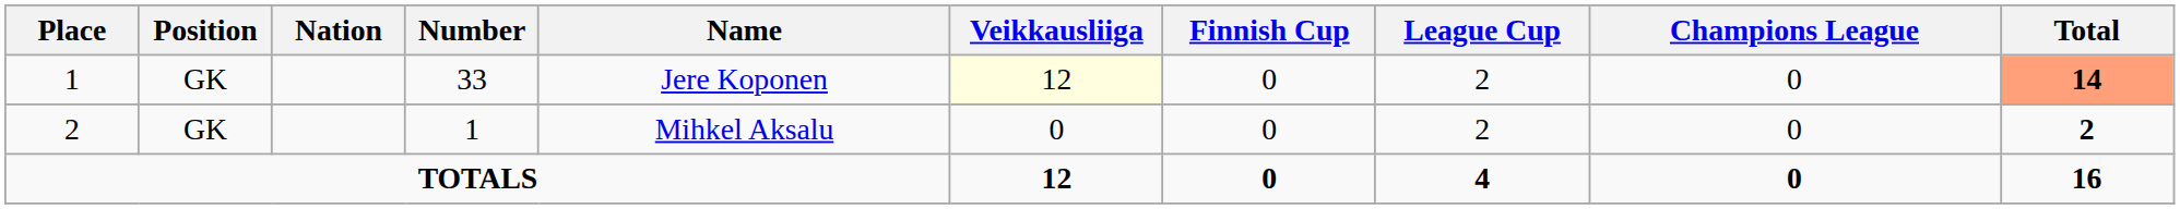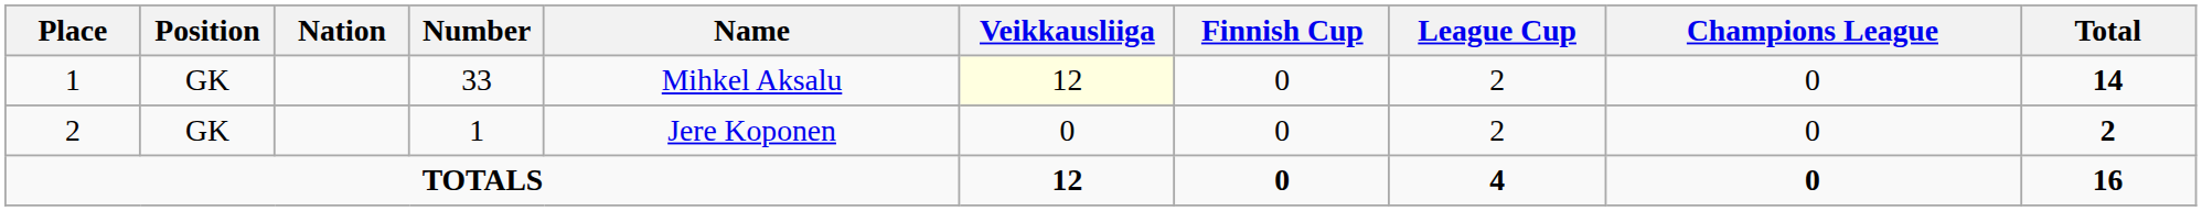 <table class="wikitable" style="font-size: 95%; text-align: center;">
 <tr>
 <th width=60>Place</th>
 <th width=60>Position</th>
 <th width=60>Nation</th>
 <th width=60>Number</th>
 <th width=200>Name</th>
 <th width=100><a href='#'>Veikkausliiga</a></th>
 <th width=100><a href='#'>Finnish Cup</a></th>
 <th width=100><a href='#'>League Cup</a></th>
 <th width=200><a href='#'>Champions League</a></th>
 <th width=80>Total</th>
 </tr>
 <tr>
 <td>1</td>
 <td>GK</td>
 <td></td>
 <td>33</td>
-<td><a href='#'>Jere Koponen</a></td>
+<td><a href='#'>Mihkel Aksalu</a></td>
 <td style="background: lightyellow;">12</td>
 <td>0</td>
 <td>2</td>
 <td>0</td>
-<td style="background: lightsalmon;"><strong>14</strong></td>
+<td><strong>14</strong></td>
 </tr>
 <tr>
 <td>2</td>
 <td>GK</td>
 <td></td>
 <td>1</td>
-<td><a href='#'>Mihkel Aksalu</a></td>
+<td><a href='#'>Jere Koponen</a></td>
 <td>0</td>
 <td>0</td>
 <td>2</td>
 <td>0</td>
 <td><strong>2</strong></td>
 </tr>
 <tr>
 <td colspan="5"><strong>TOTALS</strong></td>
 <td><strong>12</strong></td>
 <td><strong>0</strong></td>
 <td><strong>4</strong></td>
 <td><strong>0</strong></td>
 <td><strong>16</strong></td>
 </tr>
 </table>
